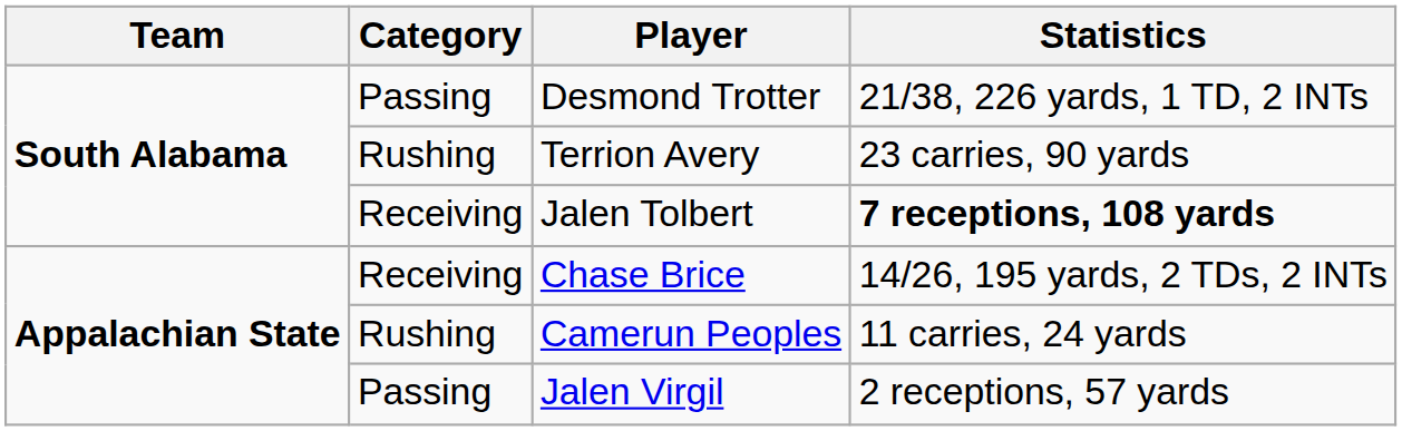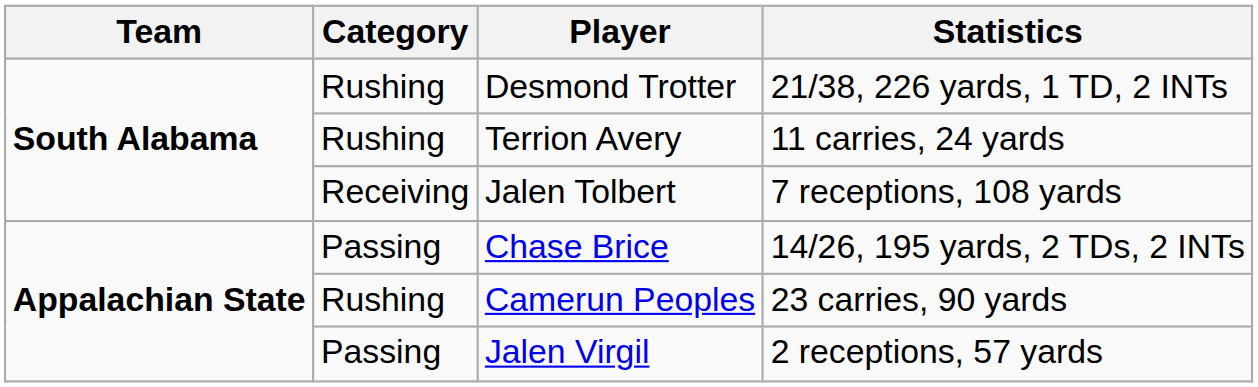 <table class="wikitable" style="float: left;">
 <tr>
 <th>Team</th>
 <th>Category</th>
 <th>Player</th>
 <th>Statistics</th>
 </tr>
 <tr>
 <td rowspan=3><strong>South Alabama</strong></td>
-<td>Passing</td>
+<td>Rushing</td>
 <td>Desmond Trotter</td>
 <td>21/38, 226 yards, 1 TD, 2 INTs</td>
 </tr>
 <tr>
 <td>Rushing</td>
 <td>Terrion Avery</td>
-<td>23 carries, 90 yards</td>
+<td>11 carries, 24 yards</td>
 </tr>
 <tr>
 <td>Receiving</td>
 <td>Jalen Tolbert</td>
-<td><strong>7 receptions, 108 yards</strong></td>
+<td>7 receptions, 108 yards</td>
 </tr>
 <tr>
 <td rowspan=3><strong>Appalachian State</strong></td>
-<td>Receiving</td>
+<td>Passing</td>
 <td><a href='#'>Chase Brice</a></td>
 <td>14/26, 195 yards, 2 TDs, 2 INTs</td>
 </tr>
 <tr>
 <td>Rushing</td>
 <td><a href='#'>Camerun Peoples</a></td>
-<td>11 carries, 24 yards</td>
+<td>23 carries, 90 yards</td>
 </tr>
 <tr>
 <td>Passing</td>
 <td><a href='#'>Jalen Virgil</a></td>
 <td>2 receptions, 57 yards</td>
 </tr>
 </table>
